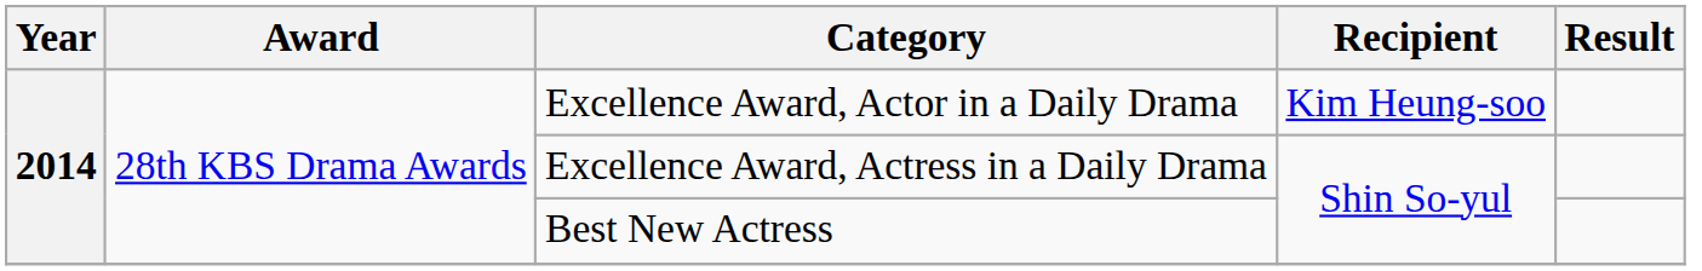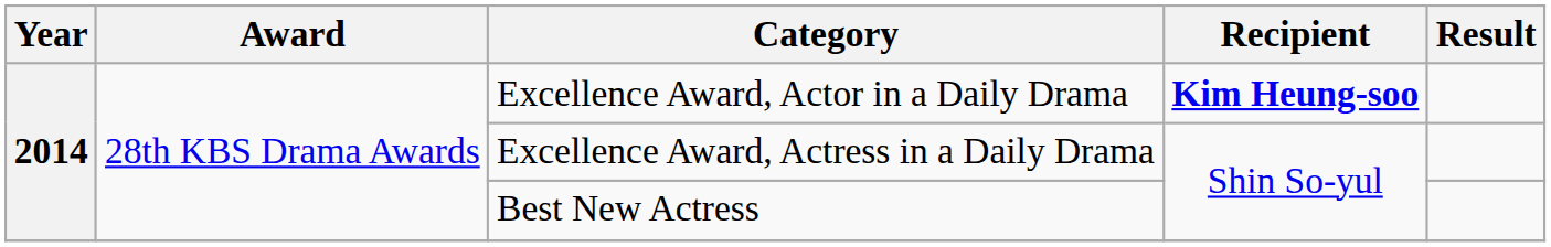 <table class="wikitable">
 <tr>
 <th>Year</th>
 <th>Award</th>
 <th>Category</th>
 <th>Recipient</th>
 <th>Result</th>
 </tr>
 <tr>
 <th rowspan="3" style="text-align:center;">2014</th>
 <td rowspan="3"><a href='#'>28th KBS Drama Awards</a></td>
 <td>Excellence Award, Actor in a Daily Drama</td>
-<td style="text-align:center;"><a href='#'>Kim Heung-soo</a></td>
+<td style="text-align:center;"><strong><a href='#'>Kim Heung-soo</a></strong></td>
 <td></td>
 </tr>
 <tr>
 <td>Excellence Award, Actress in a Daily Drama</td>
 <td rowspan="2" style="text-align:center;"><a href='#'>Shin So-yul</a></td>
 <td></td>
 </tr>
 <tr>
 <td>Best New Actress</td>
 <td></td>
 </tr>
 <tr>
 </tr>
 </table>
